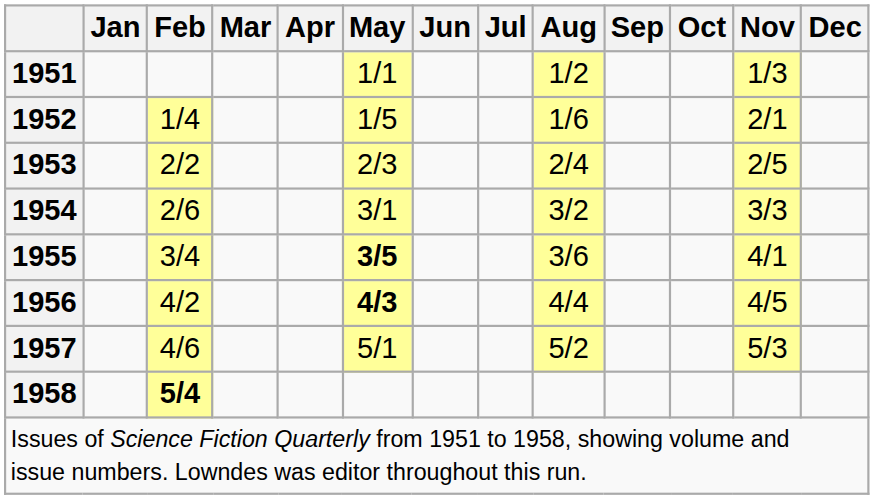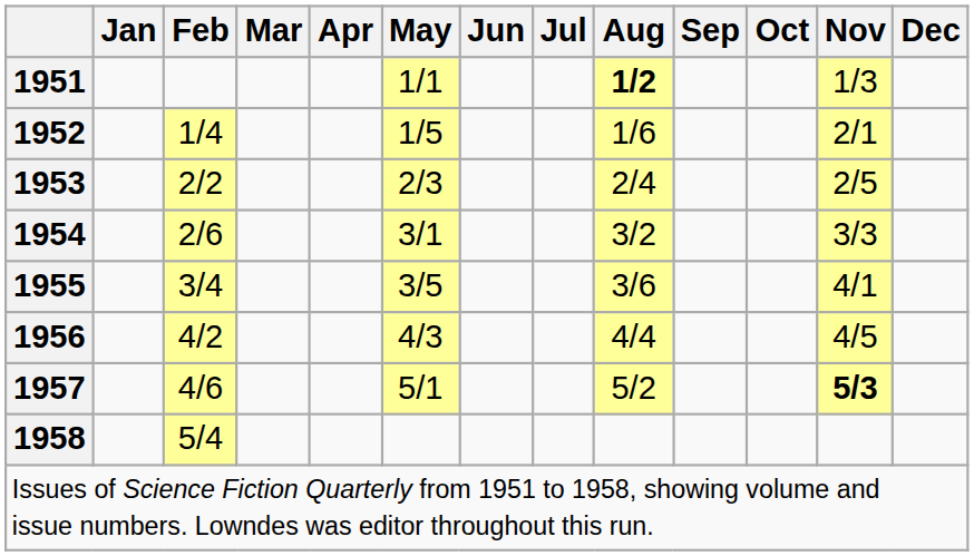 <table class="wikitable" style="font-size: 10pt; line-height: 11pt; margin-right: 2em; text-align: center; float: left">
 <tr>
 <th></th>
 <th>Jan</th>
 <th>Feb</th>
 <th>Mar</th>
 <th>Apr</th>
 <th>May</th>
 <th>Jun</th>
 <th>Jul</th>
 <th>Aug</th>
 <th>Sep</th>
 <th>Oct</th>
 <th>Nov</th>
 <th>Dec</th>
 </tr>
 <tr>
 <th>1951</th>
 <td></td>
 <td></td>
 <td></td>
 <td></td>
 <td bgcolor=#ffff99>1/1</td>
 <td></td>
 <td></td>
-<td bgcolor=#ffff99>1/2</td>
+<td bgcolor=#ffff99><strong>1/2</strong></td>
 <td></td>
 <td></td>
 <td bgcolor=#ffff99>1/3</td>
 <td></td>
 </tr>
 <tr>
 <th>1952</th>
 <td></td>
 <td bgcolor=#ffff99>1/4</td>
 <td></td>
 <td></td>
 <td bgcolor=#ffff99>1/5</td>
 <td></td>
 <td></td>
 <td bgcolor=#ffff99>1/6</td>
 <td></td>
 <td></td>
 <td bgcolor=#ffff99>2/1</td>
 <td></td>
 </tr>
 <tr>
 <th>1953</th>
 <td></td>
 <td bgcolor=#ffff99>2/2</td>
 <td></td>
 <td></td>
 <td bgcolor=#ffff99>2/3</td>
 <td></td>
 <td></td>
 <td bgcolor=#ffff99>2/4</td>
 <td></td>
 <td></td>
 <td bgcolor=#ffff99>2/5</td>
 <td></td>
 </tr>
 <tr>
 <th>1954</th>
 <td></td>
 <td bgcolor=#ffff99>2/6</td>
 <td></td>
 <td></td>
 <td bgcolor=#ffff99>3/1</td>
 <td></td>
 <td></td>
 <td bgcolor=#ffff99>3/2</td>
 <td></td>
 <td></td>
 <td bgcolor=#ffff99>3/3</td>
 <td></td>
 </tr>
 <tr>
 <th>1955</th>
 <td></td>
 <td bgcolor=#ffff99>3/4</td>
 <td></td>
 <td></td>
-<td bgcolor=#ffff99><strong>3/5</strong></td>
+<td bgcolor=#ffff99>3/5</td>
 <td></td>
 <td></td>
 <td bgcolor=#ffff99>3/6</td>
 <td></td>
 <td></td>
 <td bgcolor=#ffff99>4/1</td>
 <td></td>
 </tr>
 <tr>
 <th>1956</th>
 <td></td>
 <td bgcolor=#ffff99>4/2</td>
 <td></td>
 <td></td>
-<td bgcolor=#ffff99><strong>4/3</strong></td>
+<td bgcolor=#ffff99>4/3</td>
 <td></td>
 <td></td>
 <td bgcolor=#ffff99>4/4</td>
 <td></td>
 <td></td>
 <td bgcolor=#ffff99>4/5</td>
 <td></td>
 </tr>
 <tr>
 <th>1957</th>
 <td></td>
 <td bgcolor=#ffff99>4/6</td>
 <td></td>
 <td></td>
 <td bgcolor=#ffff99>5/1</td>
 <td></td>
 <td></td>
 <td bgcolor=#ffff99>5/2</td>
 <td></td>
 <td></td>
-<td bgcolor=#ffff99>5/3</td>
+<td bgcolor=#ffff99><strong>5/3</strong></td>
 <td></td>
 </tr>
 <tr>
 <th>1958</th>
 <td></td>
-<td bgcolor=#ffff99><strong>5/4</strong></td>
+<td bgcolor=#ffff99>5/4</td>
 <td></td>
 <td></td>
 <td></td>
 <td></td>
 <td></td>
 <td></td>
 <td></td>
 <td></td>
 <td></td>
 <td></td>
 </tr>
 <tr>
 <td colspan="13" style="font-size: 8pt; text-align:left">Issues of <em>Science Fiction Quarterly</em> from 1951 to 1958, showing volume and<br>issue numbers.  Lowndes was editor throughout this run.</td>
 </tr>
 </table>
